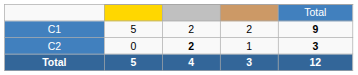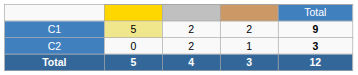 <table class="wikitable"  style="font-size:95%; text-align:center; border:gray solid 1px; width:40%;">
 <tr>
 <td rowspan="2" style="width:3%;"></td>
 </tr>
 <tr>
 <td style="width:2%;" bgcolor=gold></td>
 <td style="width:2%;" bgcolor=silver></td>
 <td style="width:2%;" bgcolor=cc9966></td>
 <td style="width:2%; background-color:#4180be; color:white;">Total</td>
 </tr>
 <tr>
 <td style="background-color:#4180be; color:white;">C1</td>
-<td>5</td>
+<td style="background: khaki;">5</td>
 <td>2</td>
 <td>2</td>
 <td><strong>9</strong></td>
 </tr>
 <tr>
 <td style="background-color:#4180be; color:white;">C2</td>
 <td>0</td>
-<td><strong>2</strong></td>
+<td>2</td>
 <td>1</td>
 <td><strong>3</strong></td>
 </tr>
 <tr style="background:#369; color:white;">
 <td><strong>Total</strong></td>
 <td><strong>5</strong></td>
 <td><strong>4</strong></td>
 <td><strong>3</strong></td>
 <td><strong>12</strong></td>
 </tr>
 </table>
